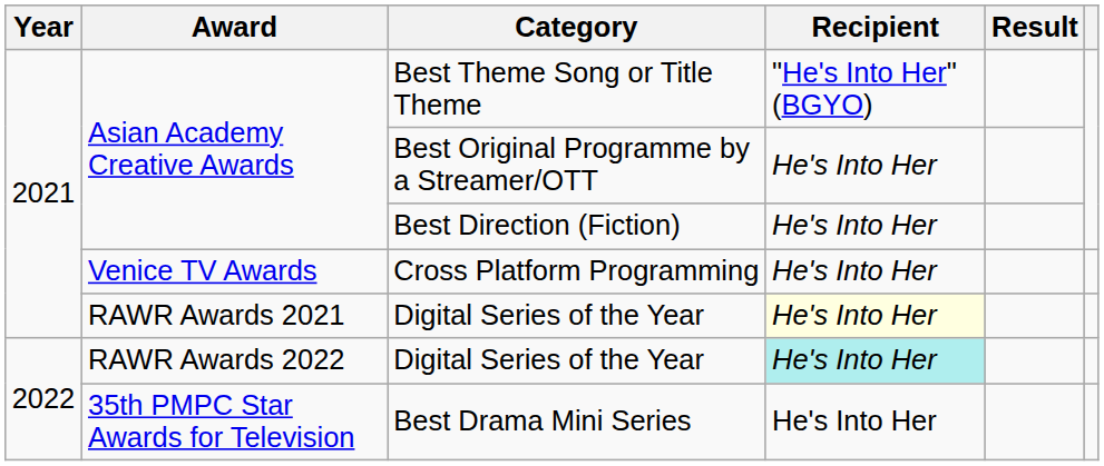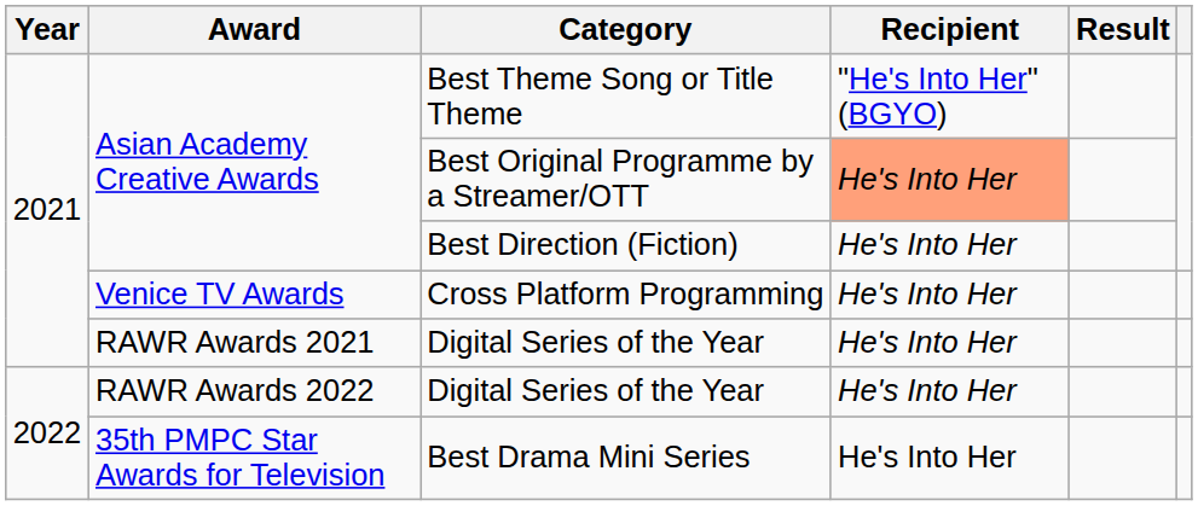 <table class="wikitable sortable" style="width:99%">
 <tr>
 <th scope="col">Year</th>
 <th scope="col">Award</th>
 <th scope="col">Category</th>
 <th scope="col">Recipient</th>
 <th scope="col">Result</th>
 <th scope="col" class="unsortable"></th>
 </tr>
 <tr>
 <td rowspan="5">2021</td>
 <td rowspan="3"><a href='#'>Asian Academy Creative Awards</a></td>
 <td>Best Theme Song or Title Theme</td>
 <td>"<a href='#'>He's Into Her</a>" (<a href='#'>BGYO</a>)</td>
 <td></td>
 <td rowspan="3" style="text-align:center;"></td>
 </tr>
 <tr>
 <td>Best Original Programme by a Streamer/OTT</td>
-<td><em>He's Into Her</em></td>
+<td style="background: lightsalmon;"><em>He's Into Her</em></td>
 <td></td>
 </tr>
 <tr>
 <td>Best Direction (Fiction)</td>
 <td><em>He's Into Her</em></td>
 <td></td>
 </tr>
 <tr>
 <td><a href='#'>Venice TV Awards</a></td>
 <td>Cross Platform Programming</td>
 <td><em>He's Into Her</em></td>
 <td></td>
 <td style="text-align:center;"></td>
 </tr>
 <tr>
 <td>RAWR Awards 2021</td>
 <td>Digital Series of the Year</td>
-<td style="background: lightyellow;"><em>He's Into Her</em></td>
+<td><em>He's Into Her</em></td>
 <td></td>
 <td></td>
 </tr>
 <tr>
 <td rowspan="2">2022</td>
 <td>RAWR Awards 2022</td>
 <td>Digital Series of the Year</td>
-<td style="background: paleturquoise;"><em>He's Into Her</em></td>
+<td><em>He's Into Her</em></td>
 <td></td>
 <td></td>
 </tr>
 <tr>
 <td><a href='#'>35th PMPC Star Awards for Television</a></td>
 <td>Best Drama Mini Series</td>
 <td>He's Into Her</td>
 <td></td>
 <td></td>
 </tr>
 </table>
